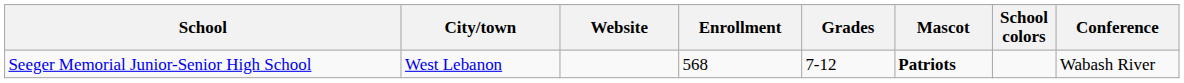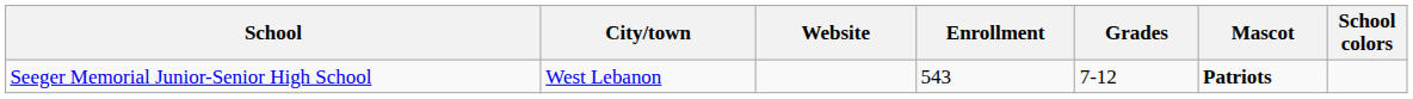 <table class="wikitable sortable" width="70%">
 <tr>
 <th width="20%">School</th>
 <th width="08%">City/town</th>
 <th width="06%">Website</th>
 <th width="04%">Enrollment</th>
 <th width="04%">Grades</th>
 <th width="04%">Mascot</th>
 <th width=01%>School colors</th>
-<th width="04%">Conference</th>
 </tr>
 <tr>
 <td><a href='#'>Seeger Memorial Junior-Senior High School</a></td>
 <td><a href='#'>West Lebanon</a></td>
 <td></td>
-<td>568</td>
+<td>543</td>
 <td>7-12</td>
 <td><strong>Patriots</strong></td>
 <td>  </td>
-<td>Wabash River</td>
 </tr>
 </table>
